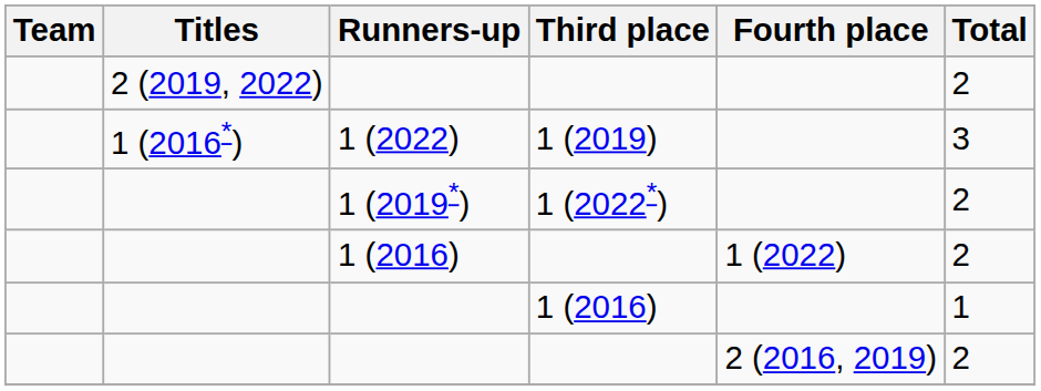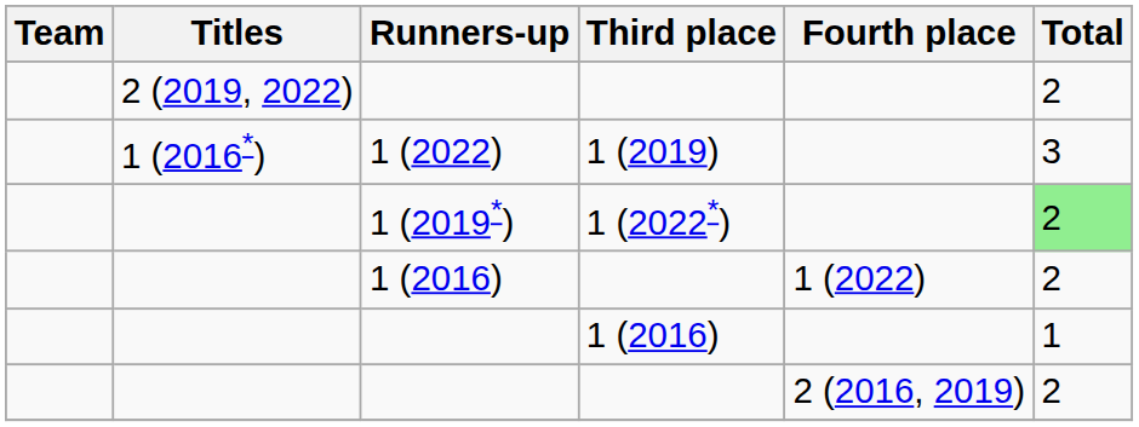 <table class="wikitable sortable">
 <tr>
 <th>Team</th>
 <th>Titles</th>
 <th>Runners-up</th>
 <th>Third place</th>
 <th>Fourth place</th>
 <th>Total</th>
 </tr>
 <tr>
 <td></td>
 <td>2 (<a href='#'>2019</a>, <a href='#'>2022</a>)</td>
 <td></td>
 <td></td>
 <td></td>
 <td>2</td>
 </tr>
 <tr>
 <td></td>
 <td>1 (<a href='#'>2016</a><sup><a href='#'>*</a></sup>)</td>
 <td>1 (<a href='#'>2022</a>)</td>
 <td>1 (<a href='#'>2019</a>)</td>
 <td></td>
 <td>3</td>
 </tr>
 <tr>
 <td></td>
 <td></td>
 <td>1 (<a href='#'>2019</a><sup><a href='#'>*</a></sup>)</td>
 <td>1 (<a href='#'>2022</a><sup><a href='#'>*</a></sup>)</td>
 <td></td>
-<td>2</td>
+<td style="background: lightgreen;">2</td>
 </tr>
 <tr>
 <td></td>
 <td></td>
 <td>1 (<a href='#'>2016</a>)</td>
 <td></td>
 <td>1 (<a href='#'>2022</a>)</td>
 <td>2</td>
 </tr>
 <tr>
 <td></td>
 <td></td>
 <td></td>
 <td>1 (<a href='#'>2016</a>)</td>
 <td></td>
 <td>1</td>
 </tr>
 <tr>
 <td></td>
 <td></td>
 <td></td>
 <td></td>
 <td>2 (<a href='#'>2016</a>, <a href='#'>2019</a>)</td>
 <td>2</td>
 </tr>
 <tr>
 </tr>
 </table>
